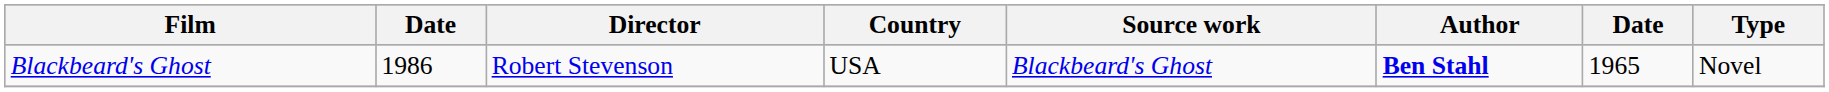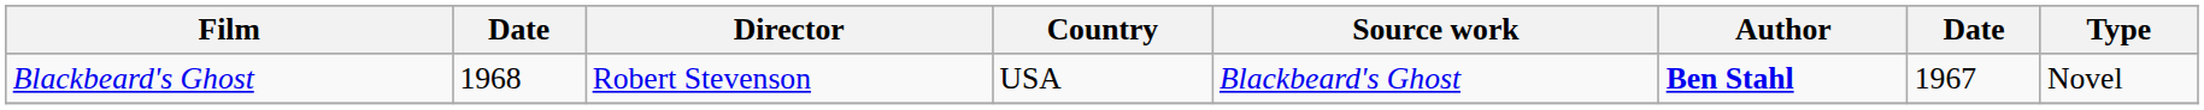 <table class="wikitable" style=width:90%>
 <tr style="background:#CCCCCC;">
 <th>Film</th>
 <th>Date</th>
 <th>Director</th>
 <th>Country</th>
 <th>Source work</th>
 <th>Author</th>
 <th>Date</th>
 <th>Type</th>
 </tr>
 <tr>
 <td><em><a href='#'>Blackbeard's Ghost</a></em></td>
-<td>1986</td>
+<td>1968</td>
 <td><a href='#'>Robert Stevenson</a></td>
 <td>USA</td>
 <td><em><a href='#'>Blackbeard's Ghost</a></em></td>
 <td><strong><a href='#'>Ben Stahl</a></strong></td>
-<td>1965</td>
+<td>1967</td>
 <td>Novel</td>
 </tr>
 <tr>
 </tr>
 </table>
